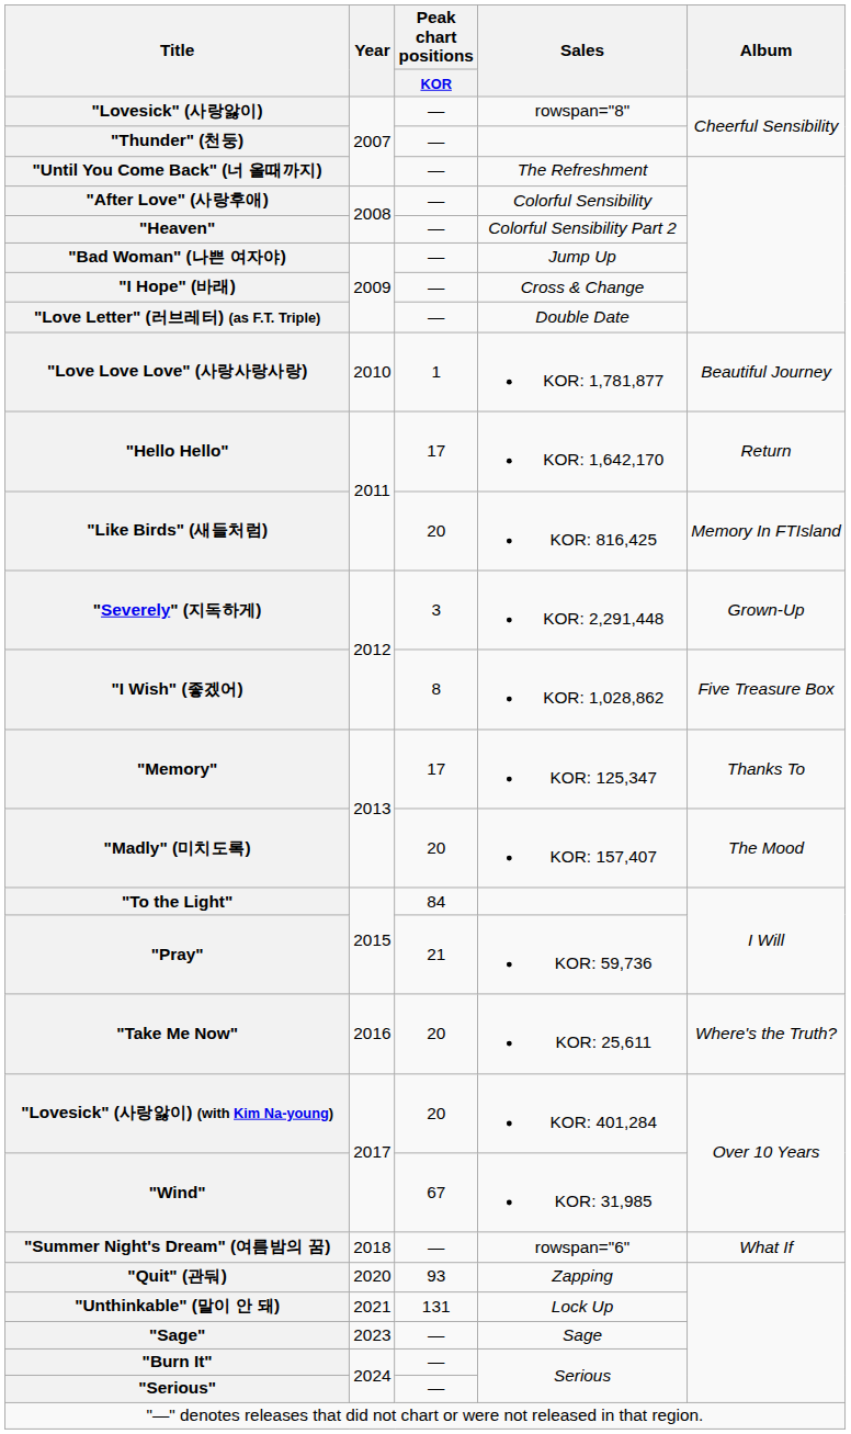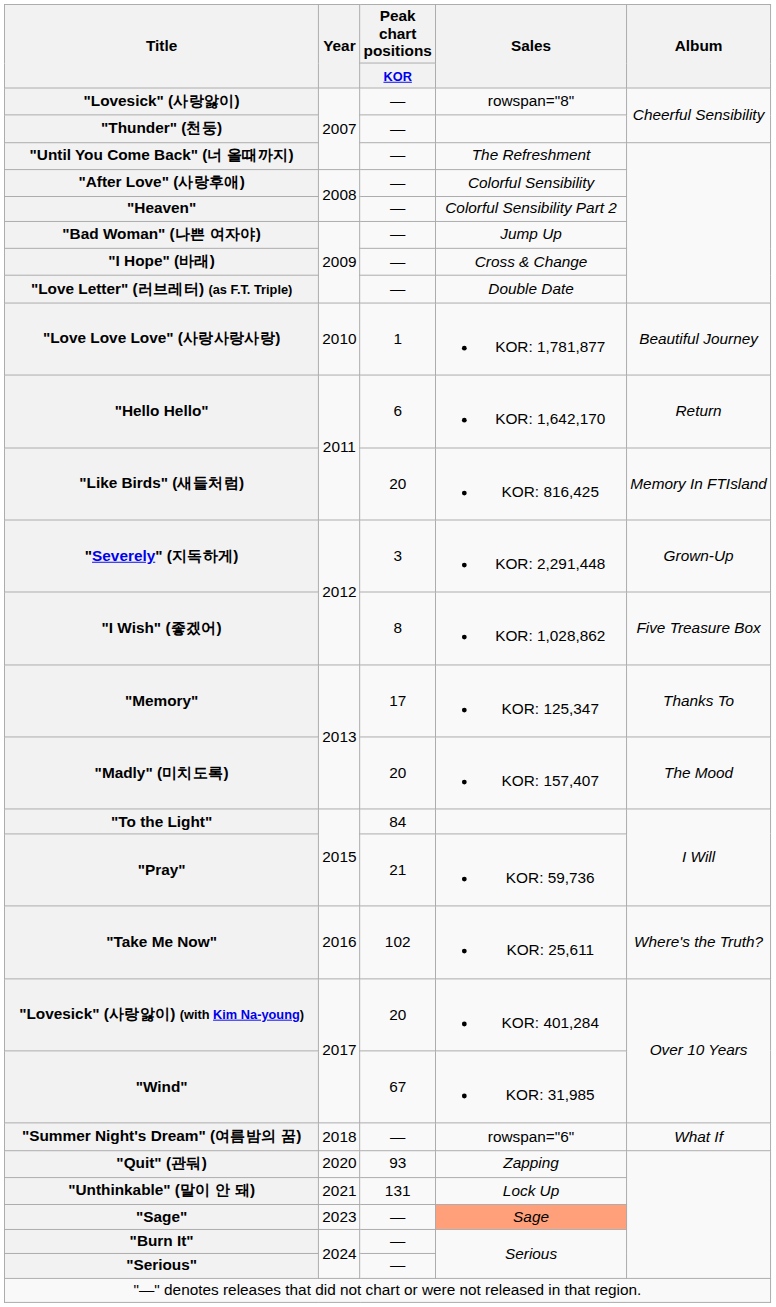 <table class="wikitable plainrowheaders" style="text-align:center;">
 <tr>
 <th rowspan="2" style="width:20em;">Title</th>
 <th rowspan="2">Year</th>
 <th colspan="1">Peak chart positions</th>
 <th rowspan="2" style="width:12em;">Sales</th>
 <th rowspan="2">Album</th>
 </tr>
 <tr>
 <th style="width:2.5em;"><small><a href='#'>KOR</a><br></small></th>
 </tr>
 <tr>
 <th scope="row">"Lovesick" (사랑앓이)</th>
 <td rowspan="3">2007</td>
 <td>—</td>
 <td>rowspan="8" </td>
 <td rowspan="2"><em>Cheerful Sensibility</em></td>
 </tr>
 <tr>
 <th scope="row">"Thunder" (천둥)</th>
 <td>—</td>
 </tr>
 <tr>
 <th scope="row">"Until You Come Back" (너 올때까지)</th>
 <td>—</td>
 <td><em>The Refreshment</em></td>
 </tr>
 <tr>
 <th scope="row">"After Love" (사랑후애)</th>
 <td rowspan="2">2008</td>
 <td>—</td>
 <td><em>Colorful Sensibility</em></td>
 </tr>
 <tr>
 <th scope="row">"Heaven"</th>
 <td>—</td>
 <td><em>Colorful Sensibility Part 2</em></td>
 </tr>
 <tr>
 <th scope="row">"Bad Woman" (나쁜 여자야)</th>
 <td rowspan="3">2009</td>
 <td>—</td>
 <td><em>Jump Up</em></td>
 </tr>
 <tr>
 <th scope="row">"I Hope" (바래)</th>
 <td>—</td>
 <td><em>Cross & Change</em></td>
 </tr>
 <tr>
 <th scope="row">"Love Letter" (러브레터) <small>(as F.T. Triple)</small></th>
 <td>—</td>
 <td><em>Double Date</em></td>
 </tr>
 <tr>
 <th scope="row">"Love Love Love" (사랑사랑사랑)</th>
 <td>2010</td>
 <td>1</td>
 <td><br><ul><li>KOR: 1,781,877</li></ul></td>
 <td><em>Beautiful Journey</em></td>
 </tr>
 <tr>
 <th scope="row">"Hello Hello"</th>
 <td rowspan="2">2011</td>
-<td>17</td>
+<td>6</td>
 <td><br><ul><li>KOR: 1,642,170</li></ul></td>
 <td><em>Return</em></td>
 </tr>
 <tr>
 <th scope="row">"Like Birds" (새들처럼)</th>
 <td>20</td>
 <td><br><ul><li>KOR: 816,425</li></ul></td>
 <td><em>Memory In FTIsland</em></td>
 </tr>
 <tr>
 <th scope="row">"<a href='#'>Severely</a>" (지독하게)</th>
 <td rowspan="2">2012</td>
 <td>3</td>
 <td><br><ul><li>KOR: 2,291,448</li></ul></td>
 <td><em>Grown-Up</em></td>
 </tr>
 <tr>
 <th scope="row">"I Wish" (좋겠어)</th>
 <td>8</td>
 <td><br><ul><li>KOR: 1,028,862</li></ul></td>
 <td><em>Five Treasure Box</em></td>
 </tr>
 <tr>
 <th scope="row">"Memory"</th>
 <td rowspan="2">2013</td>
 <td>17</td>
 <td><br><ul><li>KOR: 125,347</li></ul></td>
 <td><em>Thanks To</em></td>
 </tr>
 <tr>
 <th scope="row">"Madly" (미치도록)</th>
 <td>20</td>
 <td><br><ul><li>KOR: 157,407</li></ul></td>
 <td><em>The Mood</em></td>
 </tr>
 <tr>
 <th scope="row">"To the Light"</th>
 <td rowspan="2">2015</td>
 <td>84</td>
 <td></td>
 <td rowspan="2"><em>I Will</em></td>
 </tr>
 <tr>
 <th scope="row">"Pray"</th>
 <td>21</td>
 <td><br><ul><li>KOR: 59,736</li></ul></td>
 </tr>
 <tr>
 <th scope="row">"Take Me Now"</th>
 <td>2016</td>
-<td>20</td>
+<td>102</td>
 <td><br><ul><li>KOR: 25,611</li></ul></td>
 <td><em>Where's the Truth?</em></td>
 </tr>
 <tr>
 <th scope="row">"Lovesick" (사랑앓이) <small>(with <a href='#'>Kim Na-young</a>)</small></th>
 <td rowspan="2">2017</td>
 <td>20</td>
 <td><br><ul><li>KOR: 401,284</li></ul></td>
 <td rowspan="2"><em>Over 10 Years</em></td>
 </tr>
 <tr>
 <th scope="row">"Wind"</th>
 <td>67</td>
 <td><br><ul><li>KOR: 31,985</li></ul></td>
 </tr>
 <tr>
 <th scope="row">"Summer Night's Dream" (여름밤의 꿈)</th>
 <td>2018</td>
 <td>—</td>
 <td>rowspan="6" </td>
 <td><em>What If</em></td>
 </tr>
 <tr>
 <th scope="row">"Quit" (관둬)</th>
 <td>2020</td>
 <td>93</td>
 <td><em>Zapping</em></td>
 </tr>
 <tr>
 <th scope="row">"Unthinkable" (말이 안 돼)</th>
 <td>2021</td>
 <td>131</td>
 <td><em>Lock Up</em></td>
 </tr>
 <tr>
 <th scope="row">"Sage"</th>
 <td>2023</td>
 <td>—</td>
-<td><em>Sage</em></td>
+<td style="background: lightsalmon;"><em>Sage</em></td>
 </tr>
 <tr>
 <th scope="row">"Burn It"</th>
 <td rowspan="2">2024</td>
 <td>—</td>
 <td rowspan="2"><em>Serious</em></td>
 </tr>
 <tr>
 <th scope="row">"Serious"</th>
 <td>—</td>
 </tr>
 <tr>
 <td colspan="7">"—" denotes releases that did not chart or were not released in that region.</td>
 </tr>
 </table>
